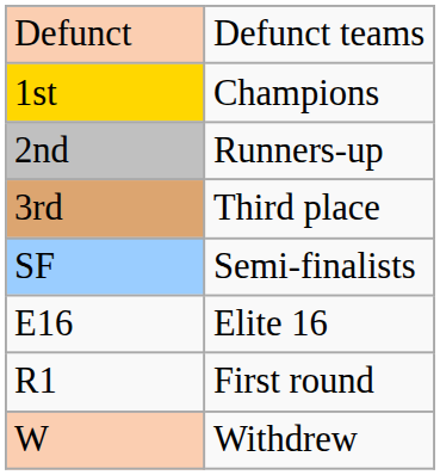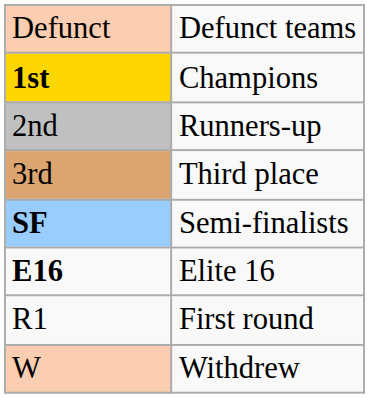 <table class="wikitable">
 <tr>
 <td style="background-color:#FBCEB1" width="80px">Defunct</td>
 <td colspan="6">Defunct teams</td>
 </tr>
 <tr>
-<td style="background-color:gold" width="80px">1st</td>
+<td style="background-color:gold" width="80px"><strong>1st</strong></td>
 <td colspan="6">Champions</td>
 </tr>
 <tr>
 <td style="background-color:silver" width="80px">2nd</td>
 <td colspan="6">Runners-up</td>
 </tr>
 <tr>
 <td style="background-color:#dca570" width="80px">3rd</td>
 <td colspan="6">Third place</td>
 </tr>
 <tr>
-<td style="background-color:#9acdff" width="80px">SF</td>
+<td style="background-color:#9acdff" width="80px"><strong>SF</strong></td>
 <td colspan="6">Semi-finalists</td>
 </tr>
 <tr>
-<td style="background-color:" width="80px">E16</td>
+<td style="background-color:" width="80px"><strong>E16</strong></td>
 <td colspan="6">Elite 16</td>
 </tr>
 <tr>
 <td style="background-color:" width="80px">R1</td>
 <td colspan="6">First round</td>
 </tr>
 <tr>
 <td bgcolor=#FBCEB1>W</td>
 <td colspan=6>Withdrew</td>
 </tr>
 </table>
